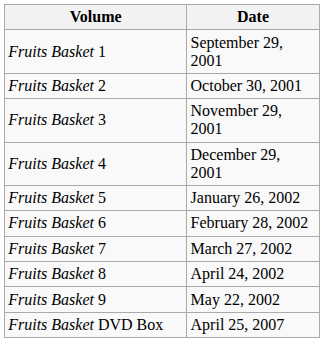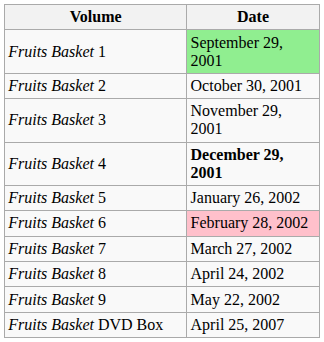 <table class="wikitable">
 <tr>
 <th width="175">Volume</th>
 <th width="125">Date</th>
 </tr>
 <tr>
 <td><em>Fruits Basket</em> 1</td>
-<td>September 29, 2001</td>
+<td style="background: lightgreen;">September 29, 2001</td>
 </tr>
 <tr>
 <td><em>Fruits Basket</em> 2</td>
 <td>October 30, 2001</td>
 </tr>
 <tr>
 <td><em>Fruits Basket</em> 3</td>
 <td>November 29, 2001</td>
 </tr>
 <tr>
 <td><em>Fruits Basket</em> 4</td>
-<td>December 29, 2001</td>
+<td><strong>December 29, 2001</strong></td>
 </tr>
 <tr>
 <td><em>Fruits Basket</em> 5</td>
 <td>January 26, 2002</td>
 </tr>
 <tr>
 <td><em>Fruits Basket</em> 6</td>
-<td>February 28, 2002</td>
+<td style="background: pink;">February 28, 2002</td>
 </tr>
 <tr>
 <td><em>Fruits Basket</em> 7</td>
 <td>March 27, 2002</td>
 </tr>
 <tr>
 <td><em>Fruits Basket</em> 8</td>
 <td>April 24, 2002</td>
 </tr>
 <tr>
 <td><em>Fruits Basket</em> 9</td>
 <td>May 22, 2002</td>
 </tr>
 <tr>
 <td><em>Fruits Basket</em> DVD Box</td>
 <td>April 25, 2007</td>
 </tr>
 </table>
